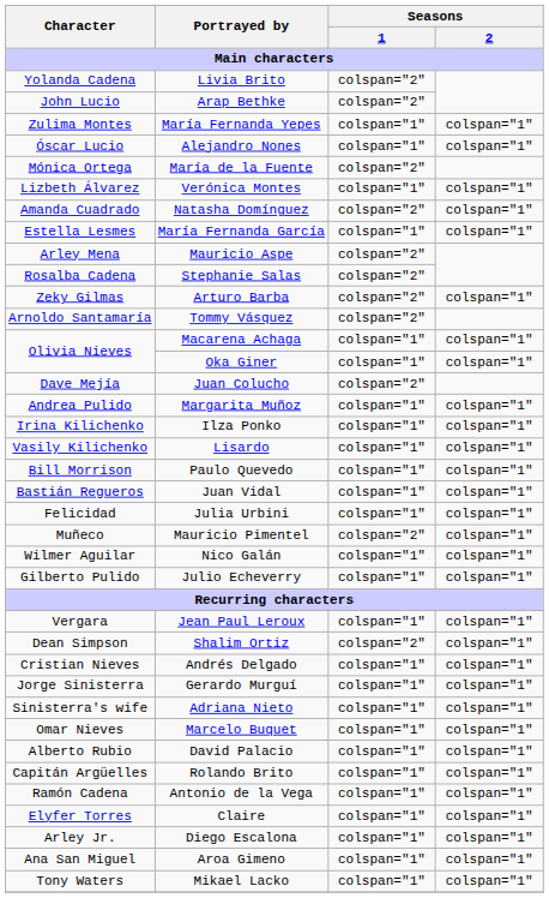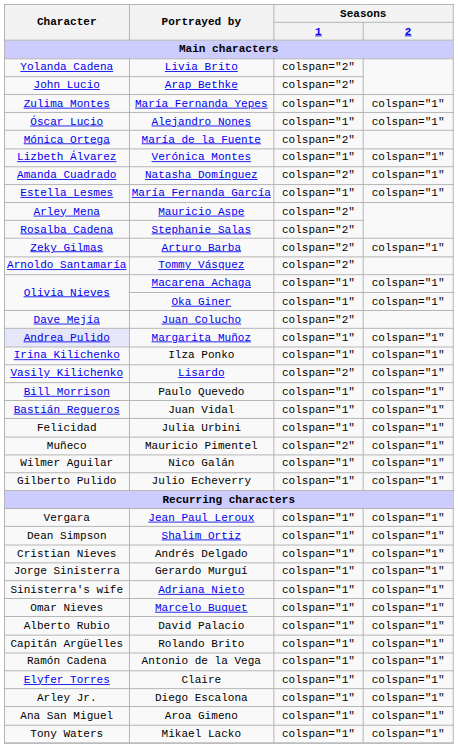 <table class="wikitable" style="text-align:center; width:auto">
 <tr>
 <th scope="col" rowspan="2">Character</th>
 <th scope="col" rowspan="2">Portrayed by</th>
 <th scope="col" colspan="2">Seasons</th>
 </tr>
 <tr>
 <th scope="col" style="width:20%;"><a href='#'>1</a></th>
 <th scope="col" style="width:20%;"><a href='#'>2</a></th>
 </tr>
 <tr>
 <th colspan="5" style="background-color:#ccccff;">Main characters</th>
 </tr>
 <tr>
 <td><a href='#'>Yolanda Cadena</a></td>
 <td><a href='#'>Livia Brito</a></td>
 <td>colspan="2" </td>
 </tr>
 <tr>
 <td><a href='#'>John Lucio</a></td>
 <td><a href='#'>Arap Bethke</a></td>
 <td>colspan="2" </td>
 </tr>
 <tr>
 <td><a href='#'>Zulima Montes</a></td>
 <td><a href='#'>María Fernanda Yepes</a></td>
 <td>colspan="1" </td>
 <td>colspan="1" </td>
 </tr>
 <tr>
 <td><a href='#'>Óscar Lucio</a></td>
 <td><a href='#'>Alejandro Nones</a></td>
 <td>colspan="1" </td>
 <td>colspan="1" </td>
 </tr>
 <tr>
 <td><a href='#'>Mónica Ortega</a></td>
 <td><a href='#'>María de la Fuente</a></td>
 <td>colspan="2" </td>
 </tr>
 <tr>
 <td><a href='#'>Lizbeth Álvarez</a></td>
 <td><a href='#'>Verónica Montes</a></td>
 <td>colspan="1" </td>
 <td>colspan="1" </td>
 </tr>
 <tr>
 <td><a href='#'>Amanda Cuadrado</a></td>
 <td><a href='#'>Natasha Domínguez</a></td>
 <td>colspan="2" </td>
 <td>colspan="1" </td>
 </tr>
 <tr>
 <td><a href='#'>Estella Lesmes</a></td>
 <td><a href='#'>María Fernanda García</a></td>
 <td>colspan="1" </td>
 <td>colspan="1" </td>
 </tr>
 <tr>
 <td><a href='#'>Arley Mena</a></td>
 <td><a href='#'>Mauricio Aspe</a></td>
 <td>colspan="2" </td>
 </tr>
 <tr>
 <td><a href='#'>Rosalba Cadena</a></td>
 <td><a href='#'>Stephanie Salas</a></td>
 <td>colspan="2" </td>
 </tr>
 <tr>
 <td><a href='#'>Zeky Gilmas</a></td>
 <td><a href='#'>Arturo Barba</a></td>
 <td>colspan="2" </td>
 <td>colspan="1" </td>
 </tr>
 <tr>
 <td><a href='#'>Arnoldo Santamaría</a></td>
 <td><a href='#'>Tommy Vásquez</a></td>
 <td>colspan="2" </td>
 </tr>
 <tr>
 <td rowspan="2"><a href='#'>Olivia Nieves</a></td>
 <td><a href='#'>Macarena Achaga</a></td>
 <td>colspan="1" </td>
 <td>colspan="1" </td>
 </tr>
 <tr>
 <td><a href='#'>Oka Giner</a></td>
 <td>colspan="1" </td>
 <td>colspan="1" </td>
 </tr>
 <tr>
 <td><a href='#'>Dave Mejía</a></td>
 <td><a href='#'>Juan Colucho</a></td>
 <td>colspan="2" </td>
 </tr>
 <tr>
-<td><a href='#'>Andrea Pulido</a></td>
+<td style="background: lavender;"><a href='#'>Andrea Pulido</a></td>
 <td><a href='#'>Margarita Muñoz</a></td>
 <td>colspan="1" </td>
 <td>colspan="1" </td>
 </tr>
 <tr>
 <td><a href='#'>Irina Kilichenko</a></td>
 <td>Ilza Ponko</td>
 <td>colspan="1" </td>
 <td>colspan="1" </td>
 </tr>
 <tr>
 <td><a href='#'>Vasily Kilichenko</a></td>
 <td><a href='#'>Lisardo</a></td>
-<td>colspan="1" </td>
+<td>colspan="2" </td>
 <td>colspan="1" </td>
 </tr>
 <tr>
 <td><a href='#'>Bill Morrison</a></td>
 <td>Paulo Quevedo</td>
 <td>colspan="1" </td>
 <td>colspan="1" </td>
 </tr>
 <tr>
 <td><a href='#'>Bastián Regueros</a></td>
 <td>Juan Vidal</td>
 <td>colspan="1" </td>
 <td>colspan="1" </td>
 </tr>
 <tr>
 <td>Felicidad</td>
 <td>Julia Urbini</td>
 <td>colspan="1" </td>
 <td>colspan="1" </td>
 </tr>
 <tr>
 <td>Muñeco</td>
 <td>Mauricio Pimentel</td>
 <td>colspan="2" </td>
 <td>colspan="1" </td>
 </tr>
 <tr>
 <td>Wilmer Aguilar</td>
 <td>Nico Galán</td>
 <td>colspan="1" </td>
 <td>colspan="1" </td>
 </tr>
 <tr>
 <td>Gilberto Pulido</td>
 <td>Julio Echeverry</td>
 <td>colspan="1" </td>
 <td>colspan="1" </td>
 </tr>
 <tr>
 <th colspan="5" style="background-color:#ccccff;">Recurring characters</th>
 </tr>
 <tr>
 <td>Vergara</td>
 <td><a href='#'>Jean Paul Leroux</a></td>
 <td>colspan="1" </td>
 <td>colspan="1" </td>
 </tr>
 <tr>
 <td>Dean Simpson</td>
 <td><a href='#'>Shalim Ortiz</a></td>
-<td>colspan="2" </td>
+<td>colspan="1" </td>
 <td>colspan="1" </td>
 </tr>
 <tr>
 <td>Cristian Nieves</td>
 <td>Andrés Delgado</td>
 <td>colspan="1" </td>
 <td>colspan="1" </td>
 </tr>
 <tr>
 <td>Jorge Sinisterra</td>
 <td>Gerardo Murguí</td>
 <td>colspan="1" </td>
 <td>colspan="1" </td>
 </tr>
 <tr>
 <td>Sinisterra's wife</td>
 <td><a href='#'>Adriana Nieto</a></td>
 <td>colspan="1" </td>
 <td>colspan="1" </td>
 </tr>
 <tr>
 <td>Omar Nieves</td>
 <td><a href='#'>Marcelo Buquet</a></td>
 <td>colspan="1" </td>
 <td>colspan="1" </td>
 </tr>
 <tr>
 <td>Alberto Rubio</td>
 <td>David Palacio</td>
 <td>colspan="1" </td>
 <td>colspan="1" </td>
 </tr>
 <tr>
 <td>Capitán Argüelles</td>
 <td>Rolando Brito</td>
 <td>colspan="1" </td>
 <td>colspan="1" </td>
 </tr>
 <tr>
 <td>Ramón Cadena</td>
 <td>Antonio de la Vega</td>
 <td>colspan="1" </td>
 <td>colspan="1" </td>
 </tr>
 <tr>
 <td><a href='#'>Elyfer Torres</a></td>
 <td>Claire</td>
 <td>colspan="1" </td>
 <td>colspan="1" </td>
 </tr>
 <tr>
 <td>Arley Jr.</td>
 <td>Diego Escalona</td>
 <td>colspan="1" </td>
 <td>colspan="1" </td>
 </tr>
 <tr>
 <td>Ana San Miguel</td>
 <td>Aroa Gimeno</td>
 <td>colspan="1" </td>
 <td>colspan="1" </td>
 </tr>
 <tr>
 <td>Tony Waters</td>
 <td>Mikael Lacko</td>
 <td>colspan="1" </td>
 <td>colspan="1" </td>
 </tr>
 <tr>
 </tr>
 </table>
